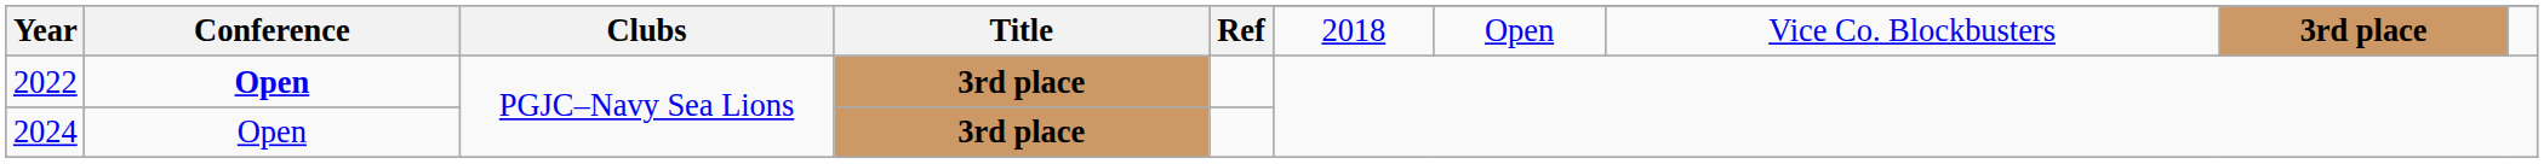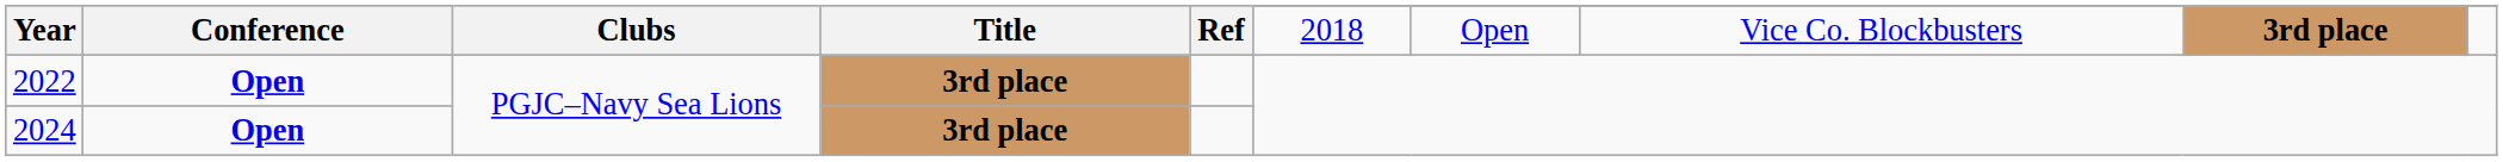 <table class="wikitable sortable" style="text-align:center" width="80%">
 <tr>
 <th style="width:25px;" rowspan="2">Year</th>
 <th style="width:180px;" rowspan="2">Conference</th>
 <th style="width:180px;" rowspan="2">Clubs</th>
 <th style="width:180px;" rowspan="2">Title</th>
 <th style="width:25px;" rowspan="2">Ref</th>
 </tr>
 <tr align=center>
 <td><a href='#'>2018</a></td>
 <td><a href='#'>Open</a></td>
 <td><a href='#'>Vice Co. Blockbusters</a></td>
 <td style="background:#cc9966;"><strong>3rd place</strong></td>
 <td></td>
 </tr>
 <tr align=center>
 <td><a href='#'>2022</a></td>
 <td><strong><a href='#'>Open</a></strong></td>
 <td rowspan=2><a href='#'>PGJC–Navy Sea Lions</a></td>
 <td bgcolor=#cc9966><strong>3rd place</strong></td>
 <td></td>
 </tr>
 <tr align=center>
 <td><a href='#'>2024</a></td>
-<td><a href='#'>Open</a></td>
+<td><strong><a href='#'>Open</a></strong></td>
 <td bgcolor=#cc9966><strong>3rd place</strong></td>
 <td></td>
 </tr>
 </table>
